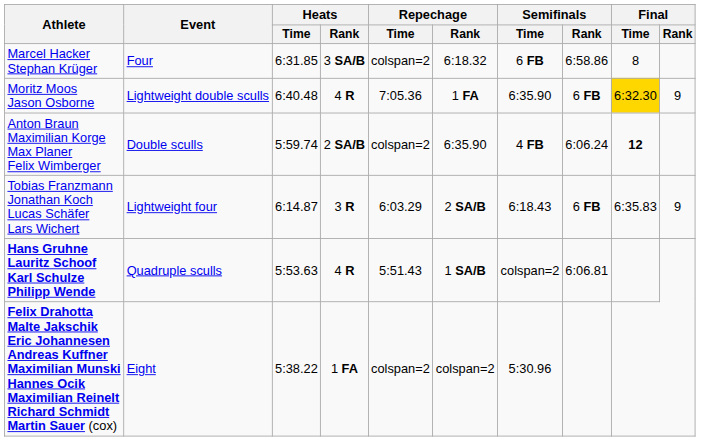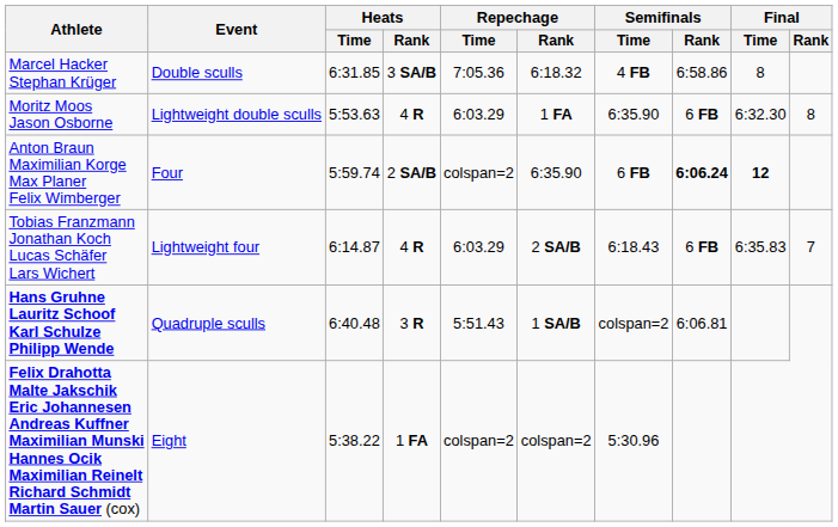 <table class="wikitable" style="font-size:90%">
 <tr>
 <th rowspan="2">Athlete</th>
 <th rowspan="2">Event</th>
 <th colspan="2">Heats</th>
 <th colspan="2">Repechage</th>
 <th colspan="2">Semifinals</th>
 <th colspan="2">Final</th>
 </tr>
 <tr style="font-size:95%">
 <th>Time</th>
 <th>Rank</th>
 <th>Time</th>
 <th>Rank</th>
 <th>Time</th>
 <th>Rank</th>
 <th>Time</th>
 <th>Rank</th>
 </tr>
 <tr align=center>
 <td align=left><a href='#'>Marcel Hacker</a><br><a href='#'>Stephan Krüger</a></td>
-<td align=left><a href='#'>Four</a></td>
+<td align=left><a href='#'>Double sculls</a></td>
 <td>6:31.85</td>
 <td>3 <strong>SA/B</strong></td>
-<td>colspan=2 </td>
+<td>7:05.36</td>
 <td>6:18.32</td>
-<td>6 <strong>FB</strong></td>
+<td>4 <strong>FB</strong></td>
 <td>6:58.86</td>
 <td>8</td>
 </tr>
 <tr align=center>
 <td align=left><a href='#'>Moritz Moos</a><br><a href='#'>Jason Osborne</a></td>
 <td align=left><a href='#'>Lightweight double sculls</a></td>
-<td>6:40.48</td>
+<td>5:53.63</td>
 <td>4 <strong>R</strong></td>
-<td>7:05.36</td>
+<td>6:03.29</td>
 <td>1 <strong>FA</strong></td>
 <td>6:35.90</td>
 <td>6 <strong>FB</strong></td>
-<td style="background: gold;">6:32.30</td>
-<td>9</td>
+<td>6:32.30</td>
+<td>8</td>
 </tr>
 <tr align=center>
 <td align=left><a href='#'>Anton Braun</a><br><a href='#'>Maximilian Korge</a><br><a href='#'>Max Planer</a><br><a href='#'>Felix Wimberger</a></td>
-<td align=left><a href='#'>Double sculls</a></td>
+<td align=left><a href='#'>Four</a></td>
 <td>5:59.74</td>
 <td>2 <strong>SA/B</strong></td>
 <td>colspan=2 </td>
 <td>6:35.90</td>
-<td>4 <strong>FB</strong></td>
-<td>6:06.24</td>
+<td>6 <strong>FB</strong></td>
+<td><strong>6:06.24</strong></td>
 <td><strong>12</strong></td>
 </tr>
 <tr align=center>
 <td align=left><a href='#'>Tobias Franzmann</a><br><a href='#'>Jonathan Koch</a><br><a href='#'>Lucas Schäfer</a><br><a href='#'>Lars Wichert</a></td>
 <td align=left><a href='#'>Lightweight four</a></td>
 <td>6:14.87</td>
-<td>3 <strong>R</strong></td>
+<td>4 <strong>R</strong></td>
 <td>6:03.29</td>
 <td>2 <strong>SA/B</strong></td>
 <td>6:18.43</td>
 <td>6 <strong>FB</strong></td>
 <td>6:35.83</td>
-<td>9</td>
+<td>7</td>
 </tr>
 <tr align=center>
 <td align=left><strong><a href='#'>Hans Gruhne</a><br><a href='#'>Lauritz Schoof</a><br><a href='#'>Karl Schulze</a><br><a href='#'>Philipp Wende</a></strong></td>
 <td align=left><a href='#'>Quadruple sculls</a></td>
-<td>5:53.63</td>
-<td>4 <strong>R</strong></td>
+<td>6:40.48</td>
+<td>3 <strong>R</strong></td>
 <td>5:51.43</td>
 <td>1 <strong>SA/B</strong></td>
 <td>colspan=2 </td>
 <td>6:06.81</td>
 <td></td>
 </tr>
 <tr align=center>
 <td align=left><strong><a href='#'>Felix Drahotta</a><br><a href='#'>Malte Jakschik</a><br><a href='#'>Eric Johannesen</a><br><a href='#'>Andreas Kuffner</a><br><a href='#'>Maximilian Munski</a><br><a href='#'>Hannes Ocik</a><br><a href='#'>Maximilian Reinelt</a><br><a href='#'>Richard Schmidt</a><br><a href='#'>Martin Sauer</a></strong> (cox)</td>
 <td align=left><a href='#'>Eight</a></td>
 <td>5:38.22</td>
 <td>1 <strong>FA</strong></td>
 <td>colspan=2 </td>
 <td>colspan=2 </td>
 <td>5:30.96</td>
 <td></td>
 </tr>
 </table>
